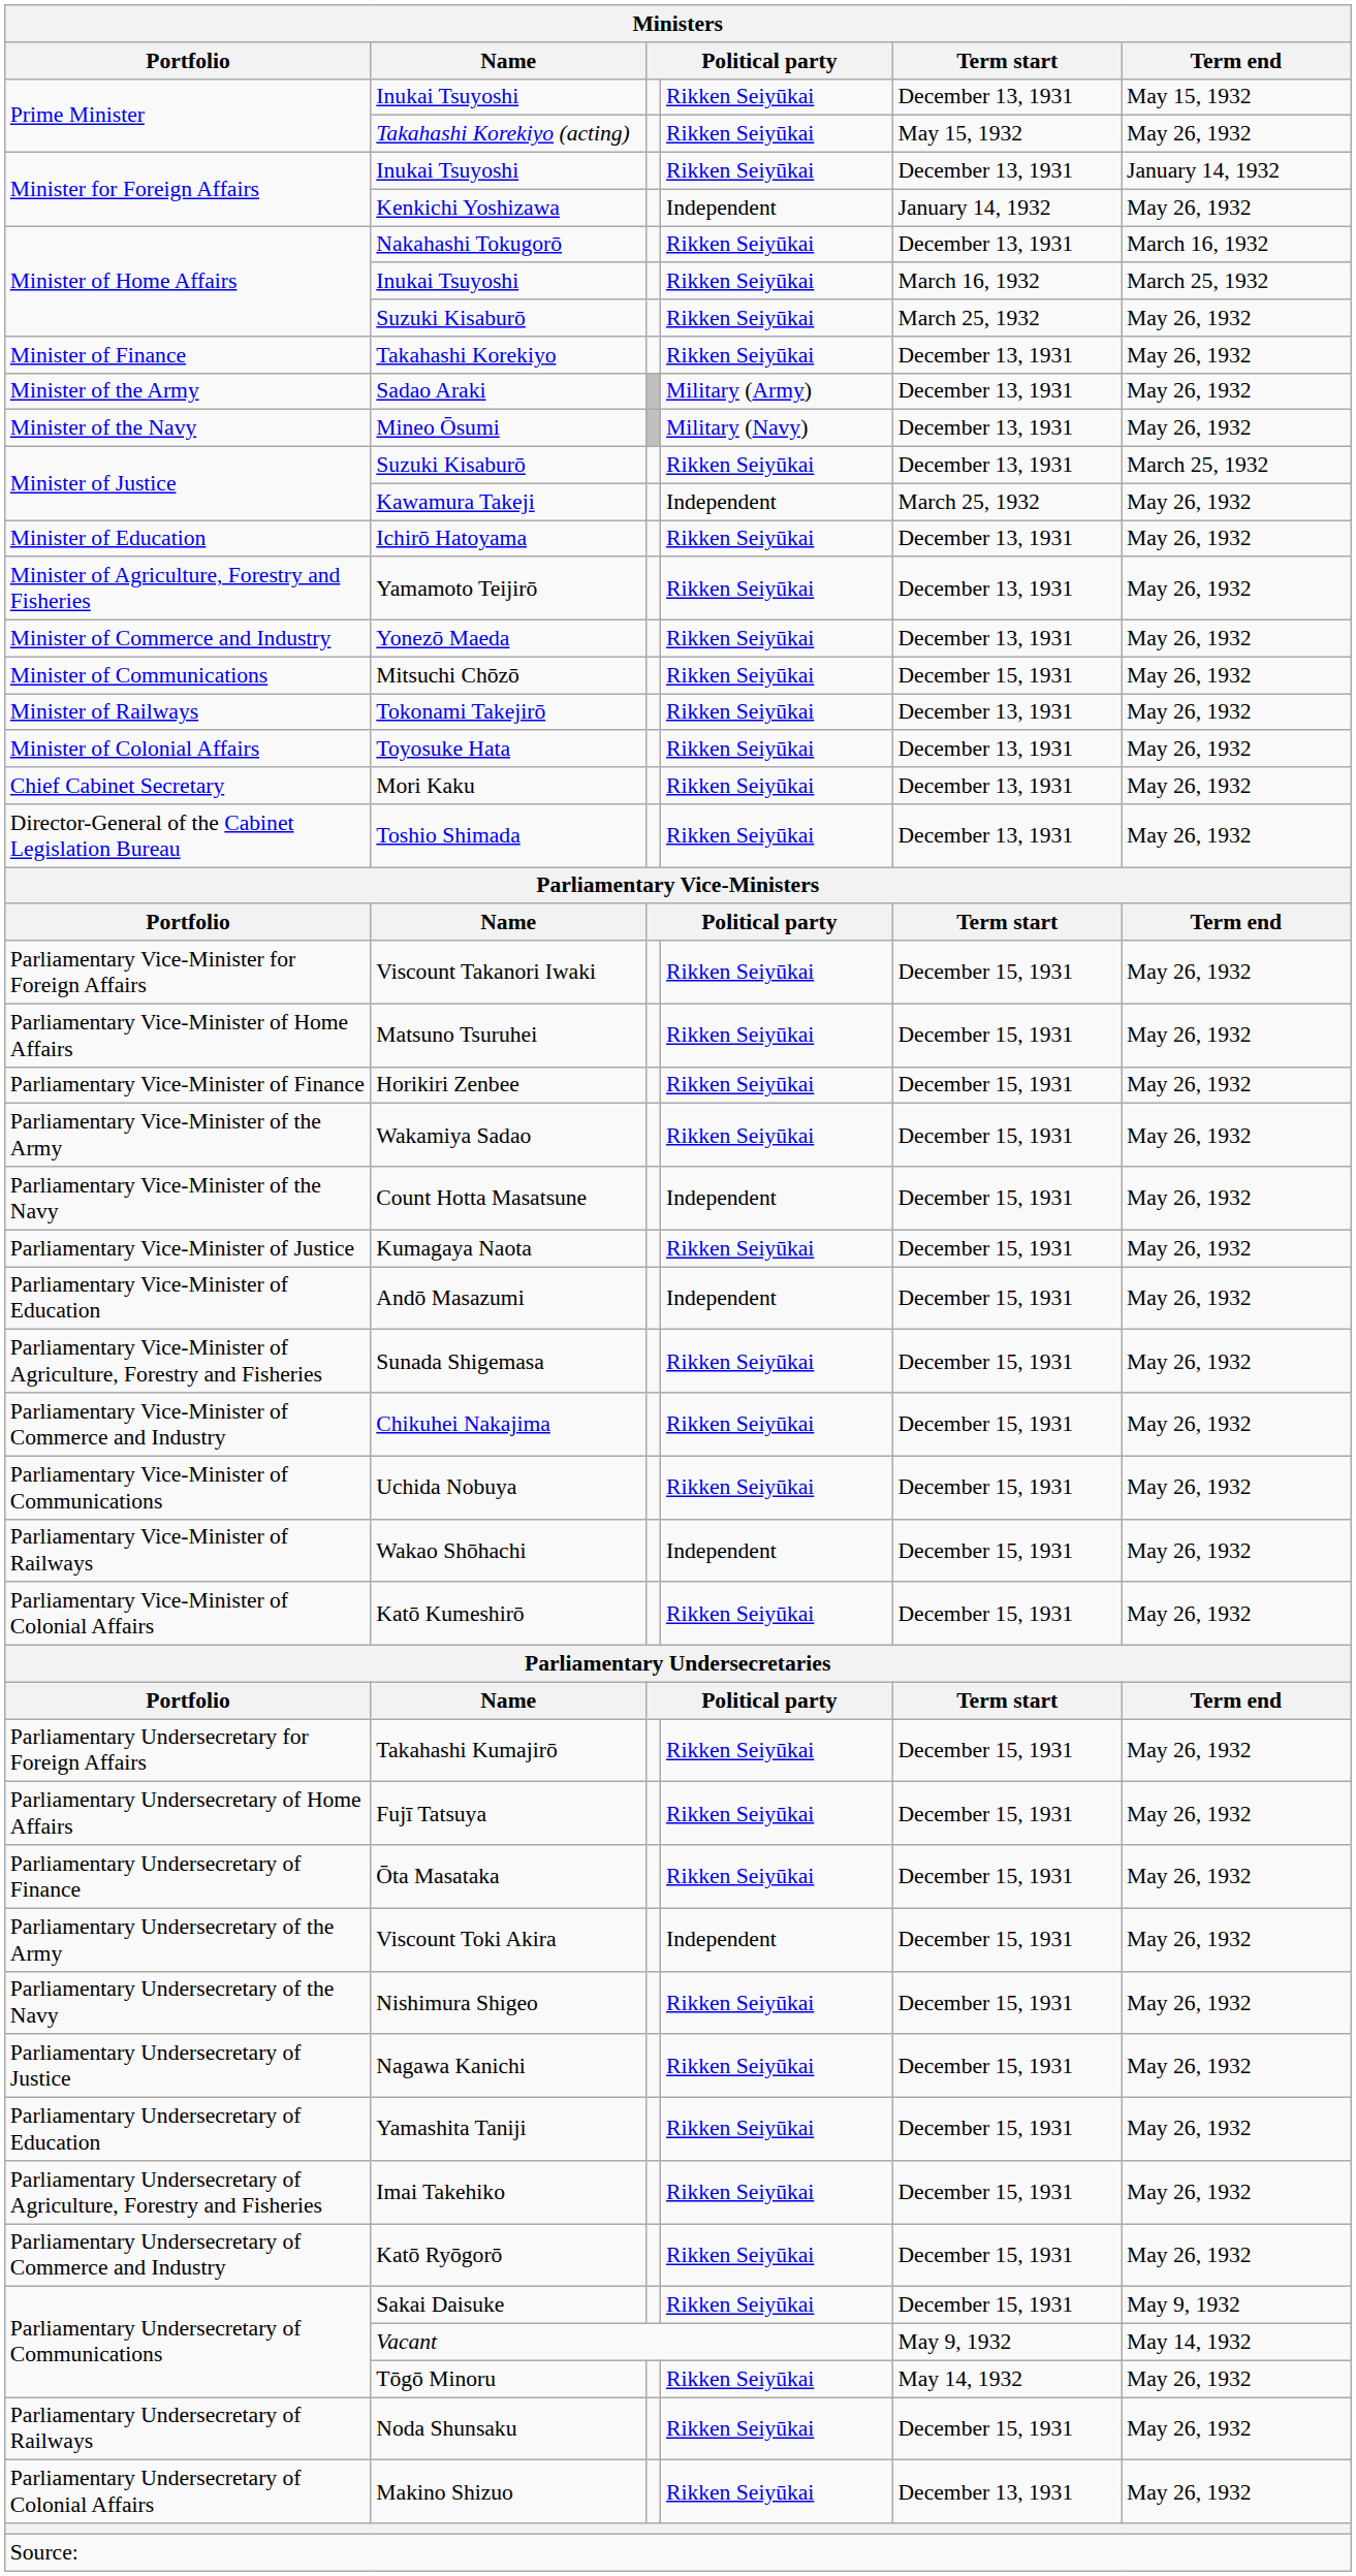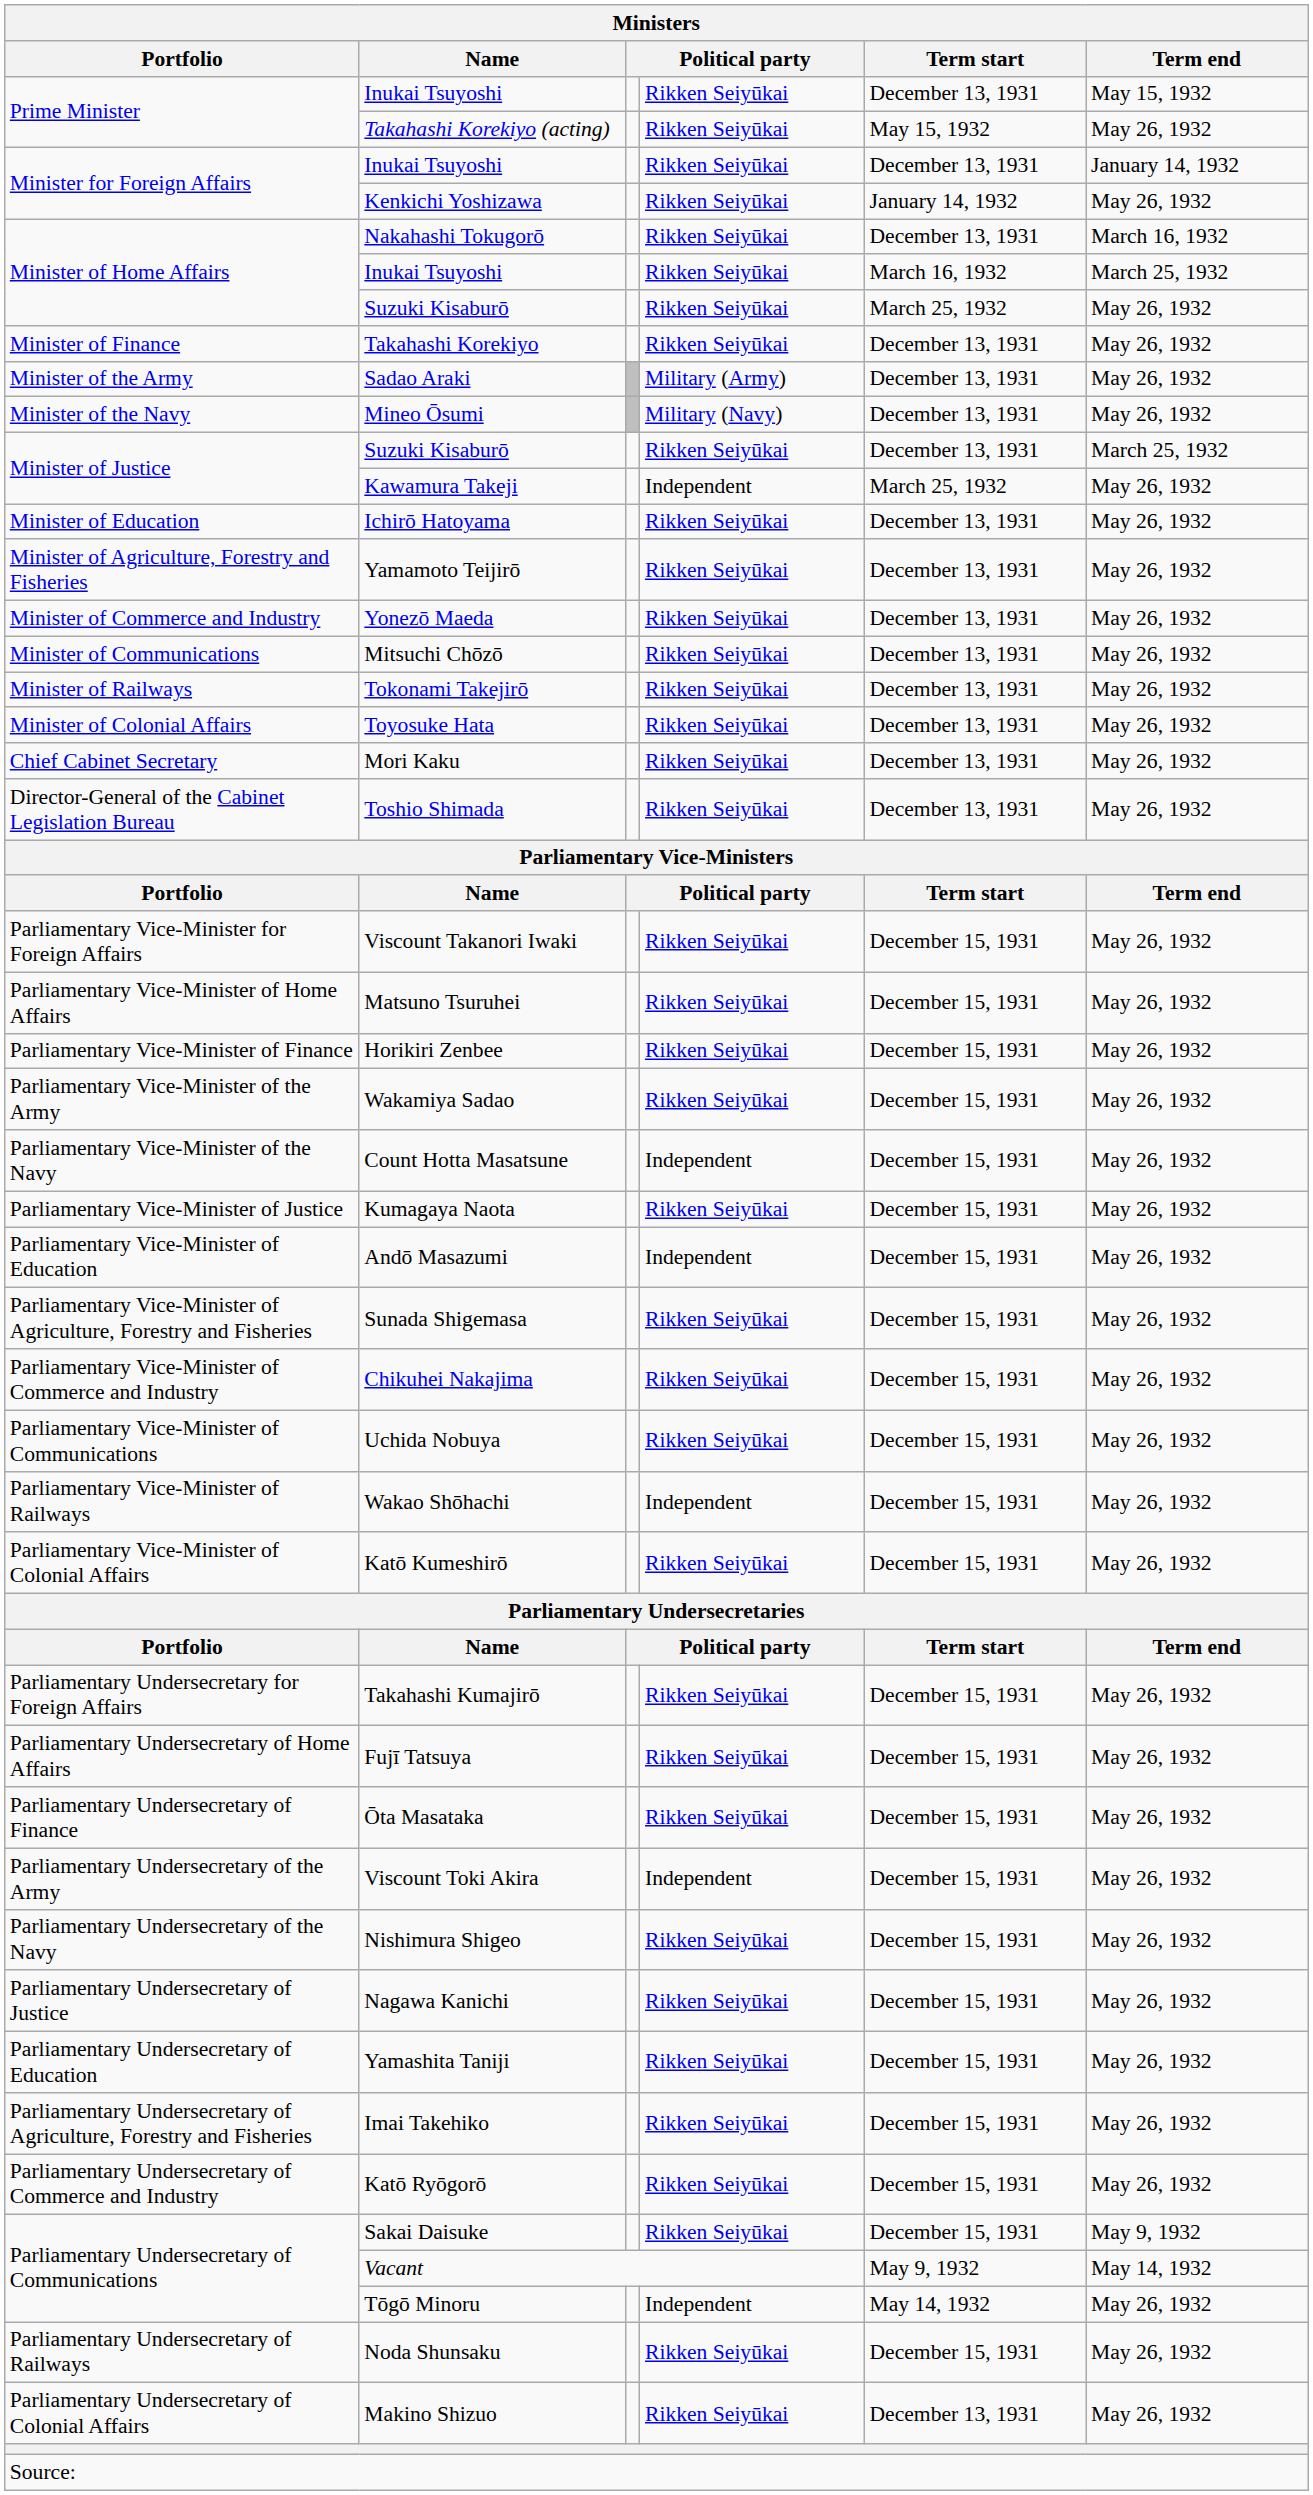 <table class="wikitable unsortable" style="font-size: 90%;">
 <tr>
 <th colspan="6">Ministers</th>
 </tr>
 <tr>
 <th scope="col" width="20%">Portfolio</th>
 <th scope="col" width="15%">Name</th>
 <th colspan="2" scope="col" width="13.5%">Political party</th>
 <th scope="col" width="12.5%">Term start</th>
 <th scope="col" width="12.5%">Term end</th>
 </tr>
 <tr>
 <td rowspan="2" style="text-align: left;"><a href='#'>Prime Minister</a></td>
 <td><a href='#'>Inukai Tsuyoshi</a></td>
 <td style="color:inherit;background:"></td>
 <td><a href='#'>Rikken Seiyūkai</a></td>
 <td>December 13, 1931</td>
 <td>May 15, 1932</td>
 </tr>
 <tr>
 <td><em><a href='#'>Takahashi Korekiyo</a> (acting)</em></td>
 <td style="color:inherit;background:"></td>
 <td><a href='#'>Rikken Seiyūkai</a></td>
 <td>May 15, 1932</td>
 <td>May 26, 1932</td>
 </tr>
 <tr>
 <td rowspan="2"><a href='#'>Minister for Foreign Affairs</a></td>
 <td><a href='#'>Inukai Tsuyoshi</a></td>
 <td style="color:inherit;background:"></td>
 <td><a href='#'>Rikken Seiyūkai</a></td>
 <td>December 13, 1931</td>
 <td>January 14, 1932</td>
 </tr>
 <tr>
 <td><a href='#'>Kenkichi Yoshizawa</a></td>
 <td style="color:inherit;background:"></td>
-<td>Independent</td>
+<td><a href='#'>Rikken Seiyūkai</a></td>
 <td>January 14, 1932</td>
 <td>May 26, 1932</td>
 </tr>
 <tr>
 <td rowspan="3"><a href='#'>Minister of Home Affairs</a></td>
 <td><a href='#'>Nakahashi Tokugorō</a></td>
 <td style="color:inherit;background:"></td>
 <td><a href='#'>Rikken Seiyūkai</a></td>
 <td>December 13, 1931</td>
 <td>March 16, 1932</td>
 </tr>
 <tr>
 <td><a href='#'>Inukai Tsuyoshi</a></td>
 <td style="color:inherit;background:"></td>
 <td><a href='#'>Rikken Seiyūkai</a></td>
 <td>March 16, 1932</td>
 <td>March 25, 1932</td>
 </tr>
 <tr>
 <td><a href='#'>Suzuki Kisaburō</a></td>
 <td style="color:inherit;background:"></td>
 <td><a href='#'>Rikken Seiyūkai</a></td>
 <td>March 25, 1932</td>
 <td>May 26, 1932</td>
 </tr>
 <tr>
 <td><a href='#'>Minister of Finance</a></td>
 <td><a href='#'>Takahashi Korekiyo</a></td>
 <td style="color:inherit;background:"></td>
 <td><a href='#'>Rikken Seiyūkai</a></td>
 <td>December 13, 1931</td>
 <td>May 26, 1932</td>
 </tr>
 <tr>
 <td><a href='#'>Minister of the Army</a></td>
 <td><a href='#'>Sadao Araki</a></td>
 <td style="color:inherit;background:#bfbfbf"></td>
 <td><a href='#'>Military</a> (<a href='#'>Army</a>)</td>
 <td>December 13, 1931</td>
 <td>May 26, 1932</td>
 </tr>
 <tr>
 <td><a href='#'>Minister of the Navy</a></td>
 <td><a href='#'>Mineo Ōsumi</a></td>
 <td style="color:inherit;background:#bfbfbf"></td>
 <td><a href='#'>Military</a> (<a href='#'>Navy</a>)</td>
 <td>December 13, 1931</td>
 <td>May 26, 1932</td>
 </tr>
 <tr>
 <td rowspan="2"><a href='#'>Minister of Justice</a></td>
 <td><a href='#'>Suzuki Kisaburō</a></td>
 <td style="color:inherit;background:"></td>
 <td><a href='#'>Rikken Seiyūkai</a></td>
 <td>December 13, 1931</td>
 <td>March 25, 1932</td>
 </tr>
 <tr>
 <td><a href='#'>Kawamura Takeji</a></td>
 <td style="color:inherit;background:"></td>
 <td>Independent</td>
 <td>March 25, 1932</td>
 <td>May 26, 1932</td>
 </tr>
 <tr>
 <td><a href='#'>Minister of Education</a></td>
 <td><a href='#'>Ichirō Hatoyama</a></td>
 <td style="color:inherit;background:"></td>
 <td><a href='#'>Rikken Seiyūkai</a></td>
 <td>December 13, 1931</td>
 <td>May 26, 1932</td>
 </tr>
 <tr>
 <td><a href='#'>Minister of Agriculture, Forestry and Fisheries</a></td>
 <td>Yamamoto Teijirō</td>
 <td style="color:inherit;background:"></td>
 <td><a href='#'>Rikken Seiyūkai</a></td>
 <td>December 13, 1931</td>
 <td>May 26, 1932</td>
 </tr>
 <tr>
 <td><a href='#'>Minister of Commerce and Industry</a></td>
 <td><a href='#'>Yonezō Maeda</a></td>
 <td style="color:inherit;background:"></td>
 <td><a href='#'>Rikken Seiyūkai</a></td>
 <td>December 13, 1931</td>
 <td>May 26, 1932</td>
 </tr>
 <tr>
 <td><a href='#'>Minister of Communications</a></td>
 <td>Mitsuchi Chōzō</td>
 <td style="color:inherit;background:"></td>
 <td><a href='#'>Rikken Seiyūkai</a></td>
-<td>December 15, 1931</td>
+<td>December 13, 1931</td>
 <td>May 26, 1932</td>
 </tr>
 <tr>
 <td><a href='#'>Minister of Railways</a></td>
 <td><a href='#'>Tokonami Takejirō</a></td>
 <td style="color:inherit;background:"></td>
 <td><a href='#'>Rikken Seiyūkai</a></td>
 <td>December 13, 1931</td>
 <td>May 26, 1932</td>
 </tr>
 <tr>
 <td><a href='#'>Minister of Colonial Affairs</a></td>
 <td><a href='#'>Toyosuke Hata</a></td>
 <td style="color:inherit;background:"></td>
 <td><a href='#'>Rikken Seiyūkai</a></td>
 <td>December 13, 1931</td>
 <td>May 26, 1932</td>
 </tr>
 <tr>
 <td><a href='#'>Chief Cabinet Secretary</a></td>
 <td>Mori Kaku</td>
 <td style="color:inherit;background:"></td>
 <td><a href='#'>Rikken Seiyūkai</a></td>
 <td>December 13, 1931</td>
 <td>May 26, 1932</td>
 </tr>
 <tr>
 <td>Director-General of the <a href='#'>Cabinet Legislation Bureau</a></td>
 <td><a href='#'>Toshio Shimada</a></td>
 <td style="color:inherit;background:"></td>
 <td><a href='#'>Rikken Seiyūkai</a></td>
 <td>December 13, 1931</td>
 <td>May 26, 1932</td>
 </tr>
 <tr>
 <th colspan="6">Parliamentary Vice-Ministers</th>
 </tr>
 <tr>
 <th>Portfolio</th>
 <th>Name</th>
 <th colspan="2">Political party</th>
 <th>Term start</th>
 <th>Term end</th>
 </tr>
 <tr>
 <td>Parliamentary Vice-Minister for Foreign Affairs</td>
 <td>Viscount Takanori Iwaki</td>
 <td style="color:inherit;background:"></td>
 <td><a href='#'>Rikken Seiyūkai</a></td>
 <td>December 15, 1931</td>
 <td>May 26, 1932</td>
 </tr>
 <tr>
 <td>Parliamentary Vice-Minister of Home Affairs</td>
 <td>Matsuno Tsuruhei</td>
 <td style="color:inherit;background:"></td>
 <td><a href='#'>Rikken Seiyūkai</a></td>
 <td>December 15, 1931</td>
 <td>May 26, 1932</td>
 </tr>
 <tr>
 <td>Parliamentary Vice-Minister of Finance</td>
 <td>Horikiri Zenbee</td>
 <td style="color:inherit;background:"></td>
 <td><a href='#'>Rikken Seiyūkai</a></td>
 <td>December 15, 1931</td>
 <td>May 26, 1932</td>
 </tr>
 <tr>
 <td>Parliamentary Vice-Minister of the Army</td>
 <td>Wakamiya Sadao</td>
 <td style="color:inherit;background:"></td>
 <td><a href='#'>Rikken Seiyūkai</a></td>
 <td>December 15, 1931</td>
 <td>May 26, 1932</td>
 </tr>
 <tr>
 <td>Parliamentary Vice-Minister of the Navy</td>
 <td>Count Hotta Masatsune</td>
 <td style="color:inherit;background:"></td>
 <td>Independent</td>
 <td>December 15, 1931</td>
 <td>May 26, 1932</td>
 </tr>
 <tr>
 <td>Parliamentary Vice-Minister of Justice</td>
 <td>Kumagaya Naota</td>
 <td style="color:inherit;background:"></td>
 <td><a href='#'>Rikken Seiyūkai</a></td>
 <td>December 15, 1931</td>
 <td>May 26, 1932</td>
 </tr>
 <tr>
 <td>Parliamentary Vice-Minister of Education</td>
 <td>Andō Masazumi</td>
 <td style="color:inherit;background:"></td>
 <td>Independent</td>
 <td>December 15, 1931</td>
 <td>May 26, 1932</td>
 </tr>
 <tr>
 <td>Parliamentary Vice-Minister of Agriculture, Forestry and Fisheries</td>
 <td>Sunada Shigemasa</td>
 <td style="color:inherit;background:"></td>
 <td><a href='#'>Rikken Seiyūkai</a></td>
 <td>December 15, 1931</td>
 <td>May 26, 1932</td>
 </tr>
 <tr>
 <td>Parliamentary Vice-Minister of Commerce and Industry</td>
 <td><a href='#'>Chikuhei Nakajima</a></td>
 <td style="color:inherit;background:"></td>
 <td><a href='#'>Rikken Seiyūkai</a></td>
 <td>December 15, 1931</td>
 <td>May 26, 1932</td>
 </tr>
 <tr>
 <td>Parliamentary Vice-Minister of Communications</td>
 <td>Uchida Nobuya</td>
 <td style="color:inherit;background:"></td>
 <td><a href='#'>Rikken Seiyūkai</a></td>
 <td>December 15, 1931</td>
 <td>May 26, 1932</td>
 </tr>
 <tr>
 <td>Parliamentary Vice-Minister of Railways</td>
 <td>Wakao Shōhachi</td>
 <td style="color:inherit;background:"></td>
 <td>Independent</td>
 <td>December 15, 1931</td>
 <td>May 26, 1932</td>
 </tr>
 <tr>
 <td>Parliamentary Vice-Minister of Colonial Affairs</td>
 <td>Katō Kumeshirō</td>
 <td style="color:inherit;background:"></td>
 <td><a href='#'>Rikken Seiyūkai</a></td>
 <td>December 15, 1931</td>
 <td>May 26, 1932</td>
 </tr>
 <tr>
 <th colspan="6">Parliamentary Undersecretaries</th>
 </tr>
 <tr>
 <th>Portfolio</th>
 <th>Name</th>
 <th colspan="2">Political party</th>
 <th>Term start</th>
 <th>Term end</th>
 </tr>
 <tr>
 <td>Parliamentary Undersecretary for Foreign Affairs</td>
 <td>Takahashi Kumajirō</td>
 <td style="color:inherit;background:"></td>
 <td><a href='#'>Rikken Seiyūkai</a></td>
 <td>December 15, 1931</td>
 <td>May 26, 1932</td>
 </tr>
 <tr>
 <td>Parliamentary Undersecretary of Home Affairs</td>
 <td>Fujī Tatsuya</td>
 <td style="color:inherit;background:"></td>
 <td><a href='#'>Rikken Seiyūkai</a></td>
 <td>December 15, 1931</td>
 <td>May 26, 1932</td>
 </tr>
 <tr>
 <td>Parliamentary Undersecretary of Finance</td>
 <td>Ōta Masataka</td>
 <td style="color:inherit;background:"></td>
 <td><a href='#'>Rikken Seiyūkai</a></td>
 <td>December 15, 1931</td>
 <td>May 26, 1932</td>
 </tr>
 <tr>
 <td>Parliamentary Undersecretary of the Army</td>
 <td>Viscount Toki Akira</td>
 <td style="color:inherit;background:"></td>
 <td>Independent</td>
 <td>December 15, 1931</td>
 <td>May 26, 1932</td>
 </tr>
 <tr>
 <td>Parliamentary Undersecretary of the Navy</td>
 <td>Nishimura Shigeo</td>
 <td style="color:inherit;background:"></td>
 <td><a href='#'>Rikken Seiyūkai</a></td>
 <td>December 15, 1931</td>
 <td>May 26, 1932</td>
 </tr>
 <tr>
 <td>Parliamentary Undersecretary of Justice</td>
 <td>Nagawa Kanichi</td>
 <td style="color:inherit;background:"></td>
 <td><a href='#'>Rikken Seiyūkai</a></td>
 <td>December 15, 1931</td>
 <td>May 26, 1932</td>
 </tr>
 <tr>
 <td>Parliamentary Undersecretary of Education</td>
 <td>Yamashita Taniji</td>
 <td style="color:inherit;background:"></td>
 <td><a href='#'>Rikken Seiyūkai</a></td>
 <td>December 15, 1931</td>
 <td>May 26, 1932</td>
 </tr>
 <tr>
 <td>Parliamentary Undersecretary of Agriculture, Forestry and Fisheries</td>
 <td>Imai Takehiko</td>
 <td style="color:inherit;background:"></td>
 <td><a href='#'>Rikken Seiyūkai</a></td>
 <td>December 15, 1931</td>
 <td>May 26, 1932</td>
 </tr>
 <tr>
 <td>Parliamentary Undersecretary of Commerce and Industry</td>
 <td>Katō Ryōgorō</td>
 <td style="color:inherit;background:"></td>
 <td><a href='#'>Rikken Seiyūkai</a></td>
 <td>December 15, 1931</td>
 <td>May 26, 1932</td>
 </tr>
 <tr>
 <td rowspan="3">Parliamentary Undersecretary of Communications</td>
 <td>Sakai Daisuke</td>
 <td style="color:inherit;background:"></td>
 <td><a href='#'>Rikken Seiyūkai</a></td>
 <td>December 15, 1931</td>
 <td>May 9, 1932</td>
 </tr>
 <tr>
 <td colspan="3"><em>Vacant</em></td>
 <td>May 9, 1932</td>
 <td>May 14, 1932</td>
 </tr>
 <tr>
 <td>Tōgō Minoru</td>
 <td style="color:inherit;background:"></td>
-<td><a href='#'>Rikken Seiyūkai</a></td>
+<td>Independent</td>
 <td>May 14, 1932</td>
 <td>May 26, 1932</td>
 </tr>
 <tr>
 <td>Parliamentary Undersecretary of Railways</td>
 <td>Noda Shunsaku</td>
 <td style="color:inherit;background:"></td>
 <td><a href='#'>Rikken Seiyūkai</a></td>
 <td>December 15, 1931</td>
 <td>May 26, 1932</td>
 </tr>
 <tr>
 <td>Parliamentary Undersecretary of Colonial Affairs</td>
 <td>Makino Shizuo</td>
 <td style="color:inherit;background:"></td>
 <td><a href='#'>Rikken Seiyūkai</a></td>
 <td>December 13, 1931</td>
 <td>May 26, 1932</td>
 </tr>
 <tr>
 <th colspan="6"></th>
 </tr>
 <tr>
 <td colspan="6">Source:</td>
 </tr>
 </table>
